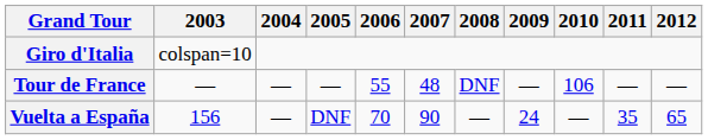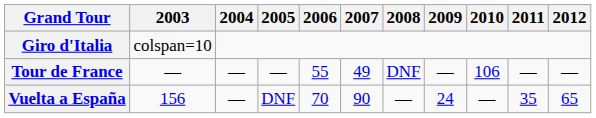 <table class="wikitable plainrowheaders">
 <tr>
 <th scope="col"><a href='#'>Grand Tour</a></th>
 <th scope="col">2003</th>
 <th scope="col">2004</th>
 <th scope="col">2005</th>
 <th scope="col">2006</th>
 <th scope="col">2007</th>
 <th scope="col">2008</th>
 <th scope="col">2009</th>
 <th scope="col">2010</th>
 <th scope="col">2011</th>
 <th scope="col">2012</th>
 </tr>
 <tr style="text-align:center;">
 <th scope="row"> <a href='#'>Giro d'Italia</a></th>
 <td>colspan=10 </td>
 </tr>
 <tr style="text-align:center;">
 <th scope="row"> <a href='#'>Tour de France</a></th>
 <td>—</td>
 <td>—</td>
 <td>—</td>
 <td><a href='#'>55</a></td>
-<td><a href='#'>48</a></td>
+<td><a href='#'>49</a></td>
 <td><a href='#'>DNF</a></td>
 <td>—</td>
 <td><a href='#'>106</a></td>
 <td>—</td>
 <td>—</td>
 </tr>
 <tr style="text-align:center;">
 <th scope="row"> <a href='#'>Vuelta a España</a></th>
 <td><a href='#'>156</a></td>
 <td>—</td>
 <td><a href='#'>DNF</a></td>
 <td><a href='#'>70</a></td>
 <td><a href='#'>90</a></td>
 <td>—</td>
 <td><a href='#'>24</a></td>
 <td>—</td>
 <td><a href='#'>35</a></td>
 <td><a href='#'>65</a></td>
 </tr>
 </table>
